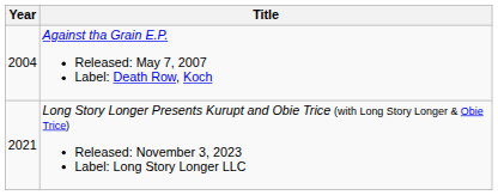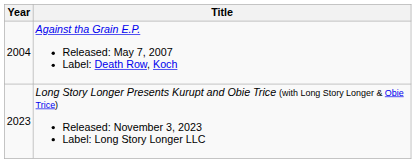 <table class="wikitable">
 <tr>
 <th>Year</th>
 <th>Title</th>
 </tr>
 <tr>
 <td>2004</td>
 <td><em><a href='#'>Against tha Grain E.P.</a></em><br><ul><li>Released: May 7, 2007</li><li>Label: <a href='#'>Death Row</a>, <a href='#'>Koch</a></li></ul></td>
 </tr>
 <tr>
-<td>2021</td>
+<td>2023</td>
 <td><em>Long Story Longer Presents Kurupt and Obie Trice</em> <small>(with Long Story Longer & <a href='#'>Obie Trice</a>)</small><br><ul><li>Released: November 3, 2023</li><li>Label: Long Story Longer LLC</li></ul></td>
 </tr>
 </table>
